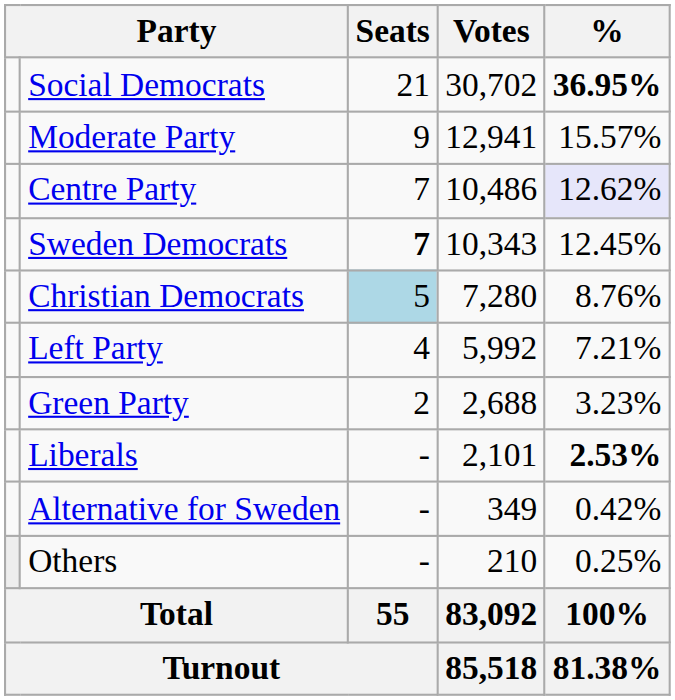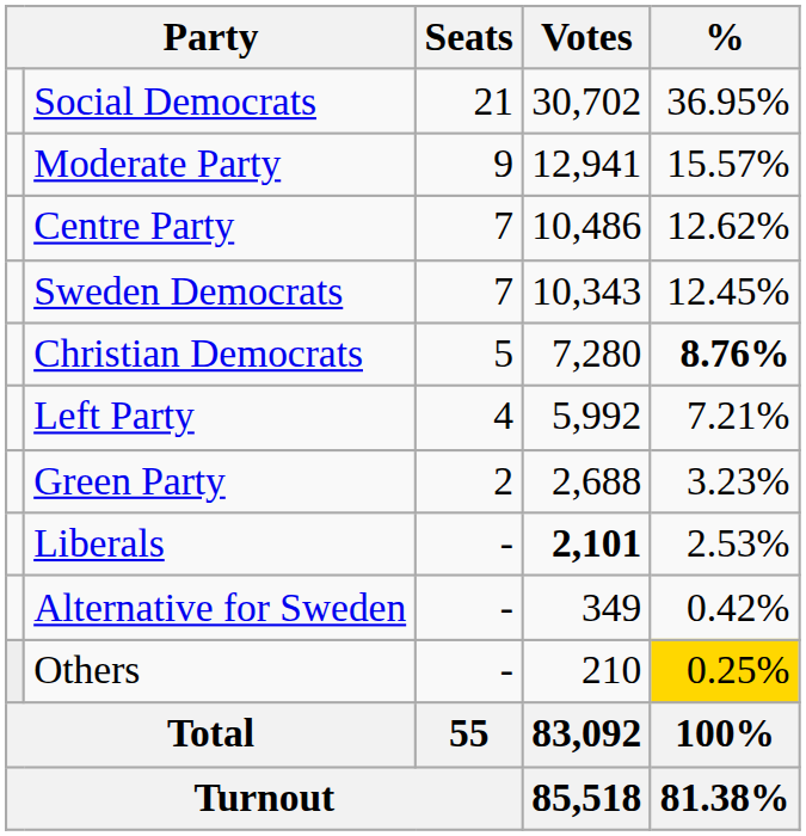 <table class="wikitable" style="text-align:right">
 <tr>
 <th colspan=2>Party</th>
 <th>Seats</th>
 <th>Votes</th>
 <th>%</th>
 </tr>
 <tr>
 <td bgcolor=></td>
 <td align=left><a href='#'>Social Democrats</a></td>
 <td>21</td>
 <td>30,702</td>
-<td><strong>36.95%</strong></td>
+<td>36.95%</td>
 </tr>
 <tr>
 <td bgcolor=></td>
 <td align=left><a href='#'>Moderate Party</a></td>
 <td>9</td>
 <td>12,941</td>
 <td>15.57%</td>
 </tr>
 <tr>
 <td bgcolor=></td>
 <td align=left><a href='#'>Centre Party</a></td>
 <td>7</td>
 <td>10,486</td>
-<td style="background: lavender;">12.62%</td>
+<td>12.62%</td>
 </tr>
 <tr>
 <td bgcolor=></td>
 <td align=left><a href='#'>Sweden Democrats</a></td>
-<td><strong>7</strong></td>
+<td>7</td>
 <td>10,343</td>
 <td>12.45%</td>
 </tr>
 <tr>
 <td bgcolor=></td>
 <td align=left><a href='#'>Christian Democrats</a></td>
-<td style="background: lightblue;">5</td>
+<td>5</td>
 <td>7,280</td>
-<td>8.76%</td>
+<td><strong>8.76%</strong></td>
 </tr>
 <tr>
 <td bgcolor=></td>
 <td align=left><a href='#'>Left Party</a></td>
 <td>4</td>
 <td>5,992</td>
 <td>7.21%</td>
 </tr>
 <tr>
 <td bgcolor=></td>
 <td align=left><a href='#'>Green Party</a></td>
 <td>2</td>
 <td>2,688</td>
 <td>3.23%</td>
 </tr>
 <tr>
 <td bgcolor=></td>
 <td align=left><a href='#'>Liberals</a></td>
 <td>-</td>
-<td>2,101</td>
-<td><strong>2.53%</strong></td>
+<td><strong>2,101</strong></td>
+<td>2.53%</td>
 </tr>
 <tr>
 <td bgcolor=></td>
 <td align=left><a href='#'>Alternative for Sweden</a></td>
 <td>-</td>
 <td>349</td>
 <td>0.42%</td>
 </tr>
 <tr>
 <td bgcolor=#eeeeee></td>
 <td align=left>Others</td>
 <td align=right>-</td>
 <td>210</td>
-<td>0.25%</td>
+<td style="background: gold;">0.25%</td>
 </tr>
 <tr>
 <th colspan=2>Total</th>
 <th>55</th>
 <th>83,092</th>
 <th>100%</th>
 </tr>
 <tr>
 <th colspan=3>Turnout</th>
 <th>85,518</th>
 <th>81.38%</th>
 </tr>
 </table>
